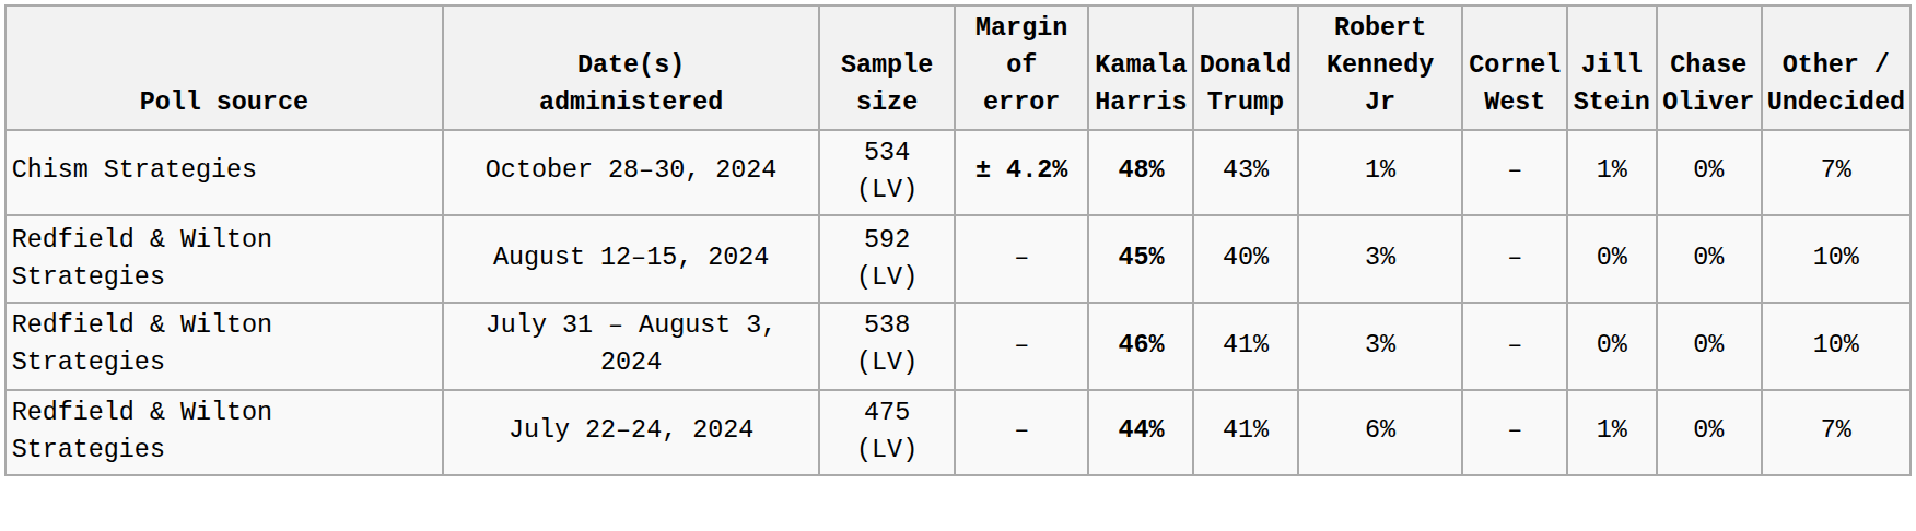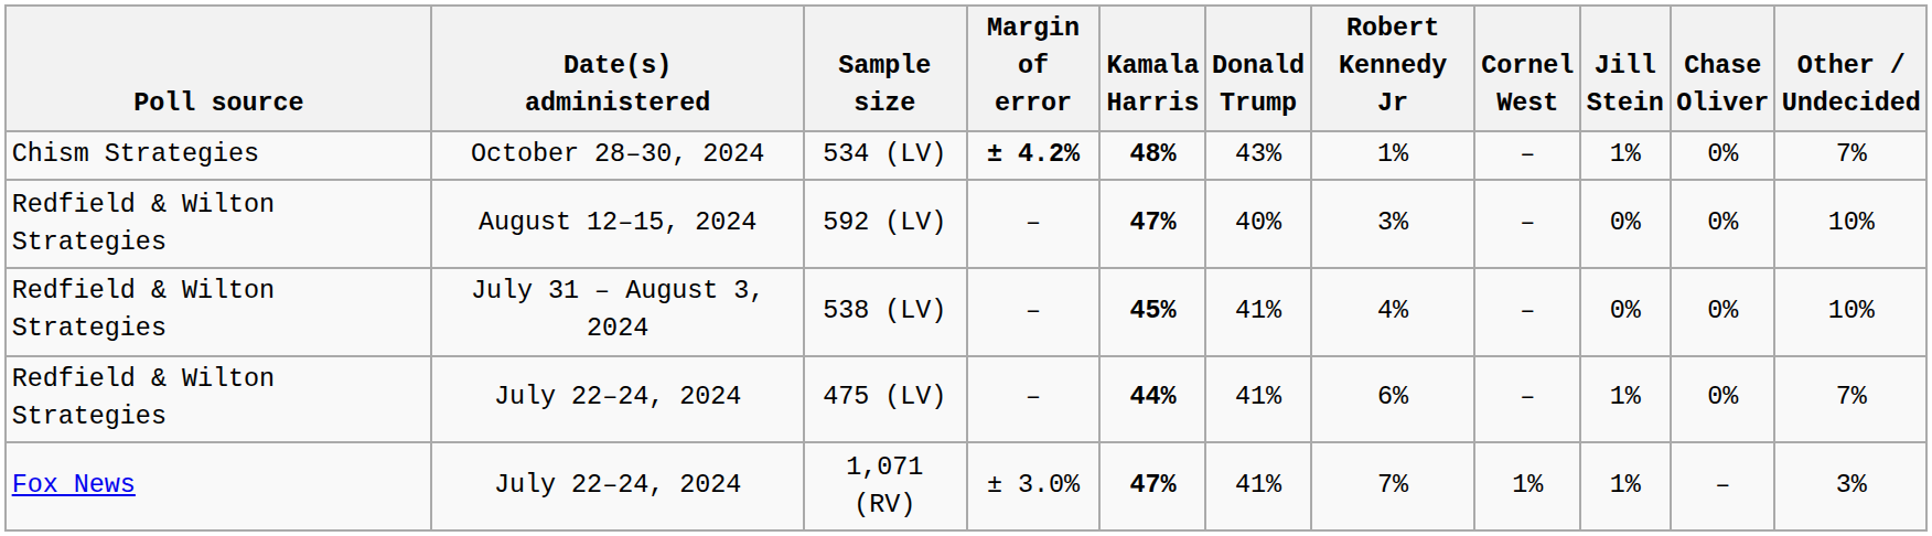 <table class="wikitable sortable mw-datatable" style="font-size:90%;text-align:center;line-height:17px">
 <tr valign=bottom>
 <th>Poll source</th>
 <th>Date(s)<br>administered</th>
 <th>Sample<br>size</th>
 <th>Margin<br>of error</th>
 <th class="unsortable">Kamala<br>Harris<br></th>
 <th class="unsortable">Donald<br>Trump<br></th>
 <th class="unsortable">Robert<br>Kennedy Jr<br></th>
 <th class="unsortable">Cornel<br>West<br></th>
 <th class="unsortable">Jill<br>Stein<br></th>
 <th class="unsortable">Chase<br>Oliver<br></th>
 <th class="unsortable">Other /<br>Undecided</th>
 </tr>
 <tr>
 <td style="text-align:left;">Chism Strategies</td>
 <td data-sort-value="2024-08-15">October 28–30, 2024</td>
 <td>534 (LV)</td>
 <td><strong>± 4.2%</strong></td>
 <td style="color:black;background-color:"><strong>48%</strong></td>
 <td>43%</td>
 <td>1%</td>
 <td>–</td>
 <td>1%</td>
 <td>0%</td>
 <td>7%</td>
 </tr>
 <tr>
 <td style="text-align:left;">Redfield & Wilton Strategies</td>
 <td data-sort-value="2024-08-15">August 12–15, 2024</td>
 <td>592 (LV)</td>
 <td>–</td>
-<td style="color:black;background-color:"><strong>45%</strong></td>
+<td style="color:black;background-color:"><strong>47%</strong></td>
 <td>40%</td>
 <td>3%</td>
 <td>–</td>
 <td>0%</td>
 <td>0%</td>
 <td>10%</td>
 </tr>
 <tr>
 <td style="text-align:left;">Redfield & Wilton Strategies</td>
 <td data-sort-value="2024-08-03">July 31 – August 3, 2024</td>
 <td>538 (LV)</td>
 <td>–</td>
-<td style="color:black;background-color:"><strong>46%</strong></td>
+<td style="color:black;background-color:"><strong>45%</strong></td>
 <td>41%</td>
-<td>3%</td>
+<td>4%</td>
 <td>–</td>
 <td>0%</td>
 <td>0%</td>
 <td>10%</td>
 </tr>
 <tr>
 <td style="text-align:left;">Redfield & Wilton Strategies</td>
 <td data-sort-value="2024-07-26">July 22–24, 2024</td>
 <td>475 (LV)</td>
 <td>–</td>
 <td style="color:black;background-color:"><strong>44%</strong></td>
 <td>41%</td>
 <td>6%</td>
 <td>–</td>
 <td>1%</td>
 <td>0%</td>
 <td>7%</td>
 </tr>
 <tr>
+<td style="text-align:left;"><a href='#'>Fox News</a></td>
+<td data-sort-value="2024-07-26">July 22–24, 2024</td>
+<td>1,071 (RV)</td>
+<td>± 3.0%</td>
+<td style="color:black;background-color:"><strong>47%</strong></td>
+<td>41%</td>
+<td>7%</td>
+<td>1%</td>
+<td>1%</td>
+<td>–</td>
+<td>3%</td>
+</tr>
+<tr>
 </tr>
 </table>
